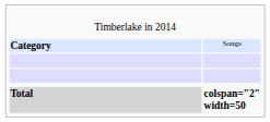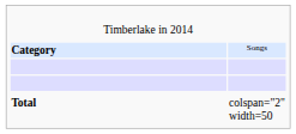 <table class="infobox" style="width: 25em; text-align: left; font-size: 90%; vertical-align: middle;">
 <tr>
 <td colspan="3" style="text-align:center;"><br>Timberlake in 2014</td>
 </tr>
 <tr>
 <td colspan="2" style="text-align:center;"></td>
 </tr>
 <tr style="background:#d9e8ff;">
 <th style="vertical-align: middle;">Category</th>
 <td style="background;text-align:center; font-size:8pt; width:60px;">Songs</td>
 </tr>
 <tr style="background:#ddf;text-align:center;">
 <td style="text-align:center;"><br></td>
 <td></td>
 </tr>
 <tr style="background:#ddf;text-align:center;">
 <td style="text-align:center;"><br></td>
 <td></td>
 </tr>
 <tr>
 <td colspan="2" style="text-align:center;"></td>
 </tr>
 <tr>
-<td style="background: lightgrey;"><strong>Total</strong></td>
-<td><strong>colspan="2" width=50 </strong></td>
+<td><strong>Total</strong></td>
+<td>colspan="2" width=50 </td>
 </tr>
 </table>
